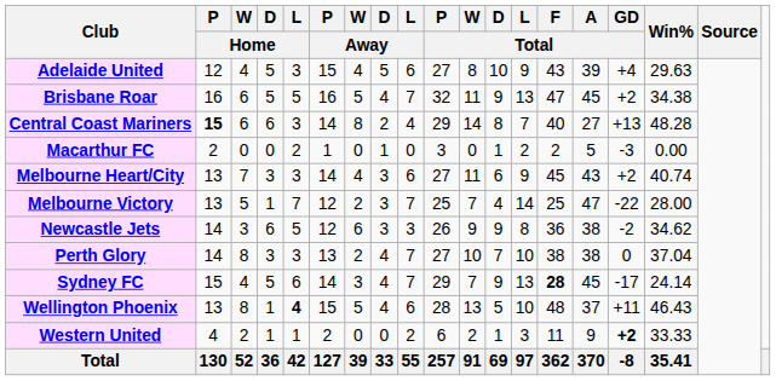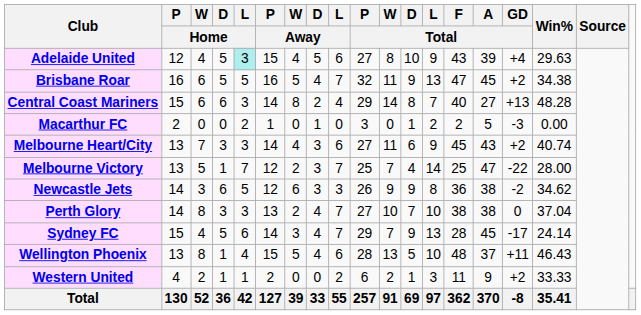 <table class="wikitable plainrowheaders sortable" style="text-align:center">
 <tr>
 <th rowspan="2" scope="col">Club</th>
 <th scope="col">P</th>
 <th scope="col">W</th>
 <th scope="col">D</th>
 <th scope="col">L</th>
 <th scope="col">P</th>
 <th scope="col">W</th>
 <th scope="col">D</th>
 <th scope="col">L</th>
 <th scope="col">P</th>
 <th scope="col">W</th>
 <th scope="col">D</th>
 <th scope="col">L</th>
 <th scope="col">F</th>
 <th scope="col">A</th>
 <th scope="col">GD</th>
 <th rowspan="2" scope="col">Win%</th>
 <th rowspan="2" class=unsortable>Source</th>
 </tr>
 <tr class="unsortable">
 <th colspan="4">Home</th>
 <th colspan="4">Away</th>
 <th colspan="7">Total</th>
 </tr>
 <tr>
 <th scope="row" style="background:#FFDDFF"><a href='#'>Adelaide United</a> </th>
 <td>12</td>
 <td>4</td>
 <td>5</td>
-<td>3</td>
+<td style="background: paleturquoise;">3</td>
 <td>15</td>
 <td>4</td>
 <td>5</td>
 <td>6</td>
 <td>27</td>
 <td>8</td>
 <td>10</td>
 <td>9</td>
 <td>43</td>
 <td>39</td>
 <td>+4</td>
 <td>29.63</td>
 <td rowspan="12"></td>
 </tr>
 <tr>
 <th scope="row" style="background:#FFDDFF"><a href='#'>Brisbane Roar</a> </th>
 <td>16</td>
 <td>6</td>
 <td>5</td>
 <td>5</td>
 <td>16</td>
 <td>5</td>
 <td>4</td>
 <td>7</td>
 <td>32</td>
 <td>11</td>
 <td>9</td>
 <td>13</td>
 <td>47</td>
 <td>45</td>
 <td>+2</td>
 <td>34.38</td>
 </tr>
 <tr>
 <th scope="row" style="background:#FFDDFF"><a href='#'>Central Coast Mariners</a> </th>
-<td><strong>15</strong></td>
+<td>15</td>
 <td>6</td>
 <td>6</td>
 <td>3</td>
 <td>14</td>
 <td>8</td>
 <td>2</td>
 <td>4</td>
 <td>29</td>
 <td>14</td>
 <td>8</td>
 <td>7</td>
 <td>40</td>
 <td>27</td>
 <td>+13</td>
 <td>48.28</td>
 </tr>
 <tr>
 <th scope="row" style="background:#FFDDFF"><a href='#'>Macarthur FC</a> </th>
 <td>2</td>
 <td>0</td>
 <td>0</td>
 <td>2</td>
 <td>1</td>
 <td>0</td>
 <td>1</td>
 <td>0</td>
 <td>3</td>
 <td>0</td>
 <td>1</td>
 <td>2</td>
 <td>2</td>
 <td>5</td>
 <td>-3</td>
 <td>0.00</td>
 </tr>
 <tr>
 <th scope="row" style="background:#FFDDFF"><a href='#'>Melbourne Heart/City</a> </th>
 <td>13</td>
 <td>7</td>
 <td>3</td>
 <td>3</td>
 <td>14</td>
 <td>4</td>
 <td>3</td>
 <td>6</td>
 <td>27</td>
 <td>11</td>
 <td>6</td>
 <td>9</td>
 <td>45</td>
 <td>43</td>
 <td>+2</td>
 <td>40.74</td>
 </tr>
 <tr>
 <th scope="row" style="background:#FFDDFF"><a href='#'>Melbourne Victory</a> </th>
 <td>13</td>
 <td>5</td>
 <td>1</td>
 <td>7</td>
 <td>12</td>
 <td>2</td>
 <td>3</td>
 <td>7</td>
 <td>25</td>
 <td>7</td>
 <td>4</td>
 <td>14</td>
 <td>25</td>
 <td>47</td>
 <td>-22</td>
 <td>28.00</td>
 </tr>
 <tr>
 <th scope="row" style="background:#FFDDFF"><a href='#'>Newcastle Jets</a> </th>
 <td>14</td>
 <td>3</td>
 <td>6</td>
 <td>5</td>
 <td>12</td>
 <td>6</td>
 <td>3</td>
 <td>3</td>
 <td>26</td>
 <td>9</td>
 <td>9</td>
 <td>8</td>
 <td>36</td>
 <td>38</td>
 <td>-2</td>
 <td>34.62</td>
 </tr>
 <tr>
 <th scope="row" style="background:#FFDDFF"><a href='#'>Perth Glory</a> </th>
 <td>14</td>
 <td>8</td>
 <td>3</td>
 <td>3</td>
 <td>13</td>
 <td>2</td>
 <td>4</td>
 <td>7</td>
 <td>27</td>
 <td>10</td>
 <td>7</td>
 <td>10</td>
 <td>38</td>
 <td>38</td>
 <td>0</td>
 <td>37.04</td>
 </tr>
 <tr>
 <th scope="row" style="background:#FFDDFF"><a href='#'>Sydney FC</a> </th>
 <td>15</td>
 <td>4</td>
 <td>5</td>
 <td>6</td>
 <td>14</td>
 <td>3</td>
 <td>4</td>
 <td>7</td>
 <td>29</td>
 <td>7</td>
 <td>9</td>
 <td>13</td>
-<td><strong>28</strong></td>
+<td>28</td>
 <td>45</td>
 <td>-17</td>
 <td>24.14</td>
 </tr>
 <tr>
 <th scope="row" style="background:#FFDDFF"><a href='#'>Wellington Phoenix</a> </th>
 <td>13</td>
 <td>8</td>
 <td>1</td>
-<td><strong>4</strong></td>
+<td>4</td>
 <td>15</td>
 <td>5</td>
 <td>4</td>
 <td>6</td>
 <td>28</td>
 <td>13</td>
 <td>5</td>
 <td>10</td>
 <td>48</td>
 <td>37</td>
 <td>+11</td>
 <td>46.43</td>
 </tr>
 <tr>
 <th scope="row" style="background:#FFDDFF"><a href='#'>Western United</a> </th>
 <td>4</td>
 <td>2</td>
 <td>1</td>
 <td>1</td>
 <td>2</td>
 <td>0</td>
 <td>0</td>
 <td>2</td>
 <td>6</td>
 <td>2</td>
 <td>1</td>
 <td>3</td>
 <td>11</td>
 <td>9</td>
-<td><strong>+2</strong></td>
+<td>+2</td>
 <td>33.33</td>
 </tr>
 <tr class="sortbottom">
 <th>Total</th>
 <th>130</th>
 <th>52</th>
 <th>36</th>
 <th>42</th>
 <th>127</th>
 <th>39</th>
 <th>33</th>
 <th>55</th>
 <th>257</th>
 <th>91</th>
 <th>69</th>
 <th>97</th>
 <th>362</th>
 <th>370</th>
 <th>-8</th>
 <th>35.41</th>
 <th></th>
 </tr>
 </table>
